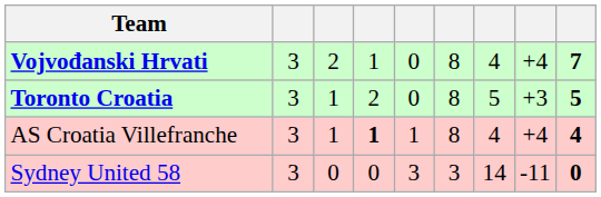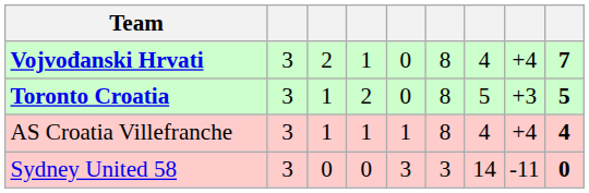 <table class="wikitable" style="text-align:center;">
 <tr>
 <th width=175>Team</th>
 <th width=20 abbr="Played"></th>
 <th width=20 abbr="Won"></th>
 <th width=20 abbr="Drawn"></th>
 <th width=20 abbr="Lost"></th>
 <th width=20 abbr="Goals for"></th>
 <th width=20 abbr="Goals against"></th>
 <th width=20 abbr="Goal difference"></th>
 <th width=20 abbr="Points"></th>
 </tr>
 <tr bgcolor=#ccffcc>
 <td align="left"><strong><a href='#'>Vojvođanski Hrvati</a></strong></td>
 <td>3</td>
 <td>2</td>
 <td>1</td>
 <td>0</td>
 <td>8</td>
 <td>4</td>
 <td>+4</td>
 <td><strong>7</strong></td>
 </tr>
 <tr bgcolor=#ccffcc>
 <td align="left"><strong><a href='#'>Toronto Croatia</a></strong></td>
 <td>3</td>
 <td>1</td>
 <td>2</td>
 <td>0</td>
 <td>8</td>
 <td>5</td>
 <td>+3</td>
 <td><strong>5</strong></td>
 </tr>
 <tr bgcolor=#ffcccc>
 <td align="left">AS Croatia Villefranche</td>
 <td>3</td>
 <td>1</td>
-<td><strong>1</strong></td>
+<td>1</td>
 <td>1</td>
 <td>8</td>
 <td>4</td>
 <td>+4</td>
 <td><strong>4</strong></td>
 </tr>
 <tr bgcolor=#ffcccc>
 <td align="left"><a href='#'>Sydney United 58</a></td>
 <td>3</td>
 <td>0</td>
 <td>0</td>
 <td>3</td>
 <td>3</td>
 <td>14</td>
 <td>-11</td>
 <td><strong>0</strong></td>
 </tr>
 </table>
